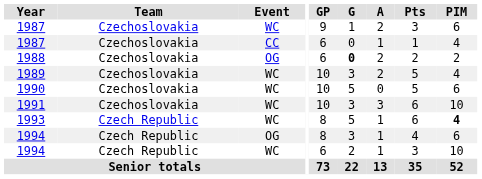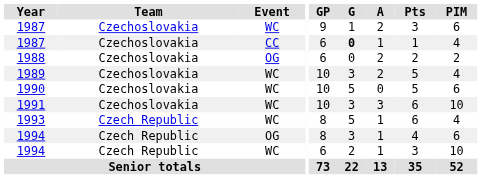 <table border="0" cellpadding="1" cellspacing="0" ID="Table3" style="text-align:center; width:40em">
 <tr ALIGN="center" bgcolor="#e0e0e0">
 <th>Year</th>
 <th>Team</th>
 <th>Event</th>
 <th rowspan="99" bgcolor="#ffffff"></th>
 <th>GP</th>
 <th>G</th>
 <th>A</th>
 <th>Pts</th>
 <th>PIM</th>
 </tr>
 <tr>
 <td><a href='#'>1987</a></td>
 <td><a href='#'>Czechoslovakia</a></td>
 <td><a href='#'>WC</a></td>
 <td>9</td>
 <td>1</td>
 <td>2</td>
 <td>3</td>
 <td>6</td>
 </tr>
 <tr bgcolor="#f0f0f0">
 <td><a href='#'>1987</a></td>
 <td>Czechoslovakia</td>
 <td><a href='#'>CC</a></td>
 <td>6</td>
-<td>0</td>
+<td><strong>0</strong></td>
 <td>1</td>
 <td>1</td>
 <td>4</td>
 </tr>
 <tr>
 <td><a href='#'>1988</a></td>
 <td>Czechoslovakia</td>
 <td><a href='#'>OG</a></td>
 <td>6</td>
-<td><strong>0</strong></td>
+<td>0</td>
 <td>2</td>
 <td>2</td>
 <td>2</td>
 </tr>
 <tr bgcolor="#f0f0f0">
 <td><a href='#'>1989</a></td>
 <td>Czechoslovakia</td>
 <td>WC</td>
 <td>10</td>
 <td>3</td>
 <td>2</td>
 <td>5</td>
 <td>4</td>
 </tr>
 <tr>
 <td><a href='#'>1990</a></td>
 <td>Czechoslovakia</td>
 <td>WC</td>
 <td>10</td>
 <td>5</td>
 <td>0</td>
 <td>5</td>
 <td>6</td>
 </tr>
 <tr bgcolor="#f0f0f0">
 <td><a href='#'>1991</a></td>
 <td>Czechoslovakia</td>
 <td>WC</td>
 <td>10</td>
 <td>3</td>
 <td>3</td>
 <td>6</td>
 <td>10</td>
 </tr>
 <tr>
 <td><a href='#'>1993</a></td>
 <td><a href='#'>Czech Republic</a></td>
 <td>WC</td>
 <td>8</td>
 <td>5</td>
 <td>1</td>
 <td>6</td>
-<td><strong>4</strong></td>
+<td>4</td>
 </tr>
 <tr bgcolor="#f0f0f0">
 <td><a href='#'>1994</a></td>
 <td>Czech Republic</td>
 <td>OG</td>
 <td>8</td>
 <td>3</td>
 <td>1</td>
 <td>4</td>
 <td>6</td>
 </tr>
 <tr>
 <td><a href='#'>1994</a></td>
 <td>Czech Republic</td>
 <td>WC</td>
 <td>6</td>
 <td>2</td>
 <td>1</td>
 <td>3</td>
 <td>10</td>
 </tr>
 <tr bgcolor="#e0e0e0">
 <th colspan="3">Senior totals</th>
 <th>73</th>
 <th>22</th>
 <th>13</th>
 <th>35</th>
 <th>52</th>
 </tr>
 </table>
